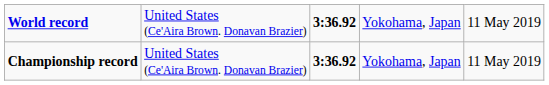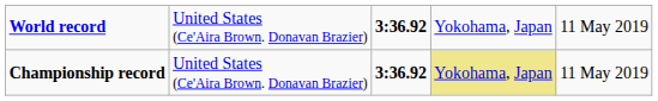 <table class="wikitable">
 <tr>
 <td><strong><a href='#'>World record</a></strong></td>
 <td> <a href='#'>United States</a><br><small>(<a href='#'>Ce'Aira Brown</a>. <a href='#'>Donavan Brazier</a>)</small></td>
 <td><strong>3:36.92</strong></td>
 <td> <a href='#'>Yokohama</a>, <a href='#'>Japan</a></td>
 <td>11 May 2019</td>
 </tr>
 <tr>
 <td><strong>Championship record</strong></td>
 <td> <a href='#'>United States</a><br><small>(<a href='#'>Ce'Aira Brown</a>. <a href='#'>Donavan Brazier</a>)</small></td>
 <td><strong>3:36.92</strong></td>
-<td> <a href='#'>Yokohama</a>, <a href='#'>Japan</a></td>
+<td style="background: khaki;"> <a href='#'>Yokohama</a>, <a href='#'>Japan</a></td>
 <td>11 May 2019</td>
 </tr>
 </table>
